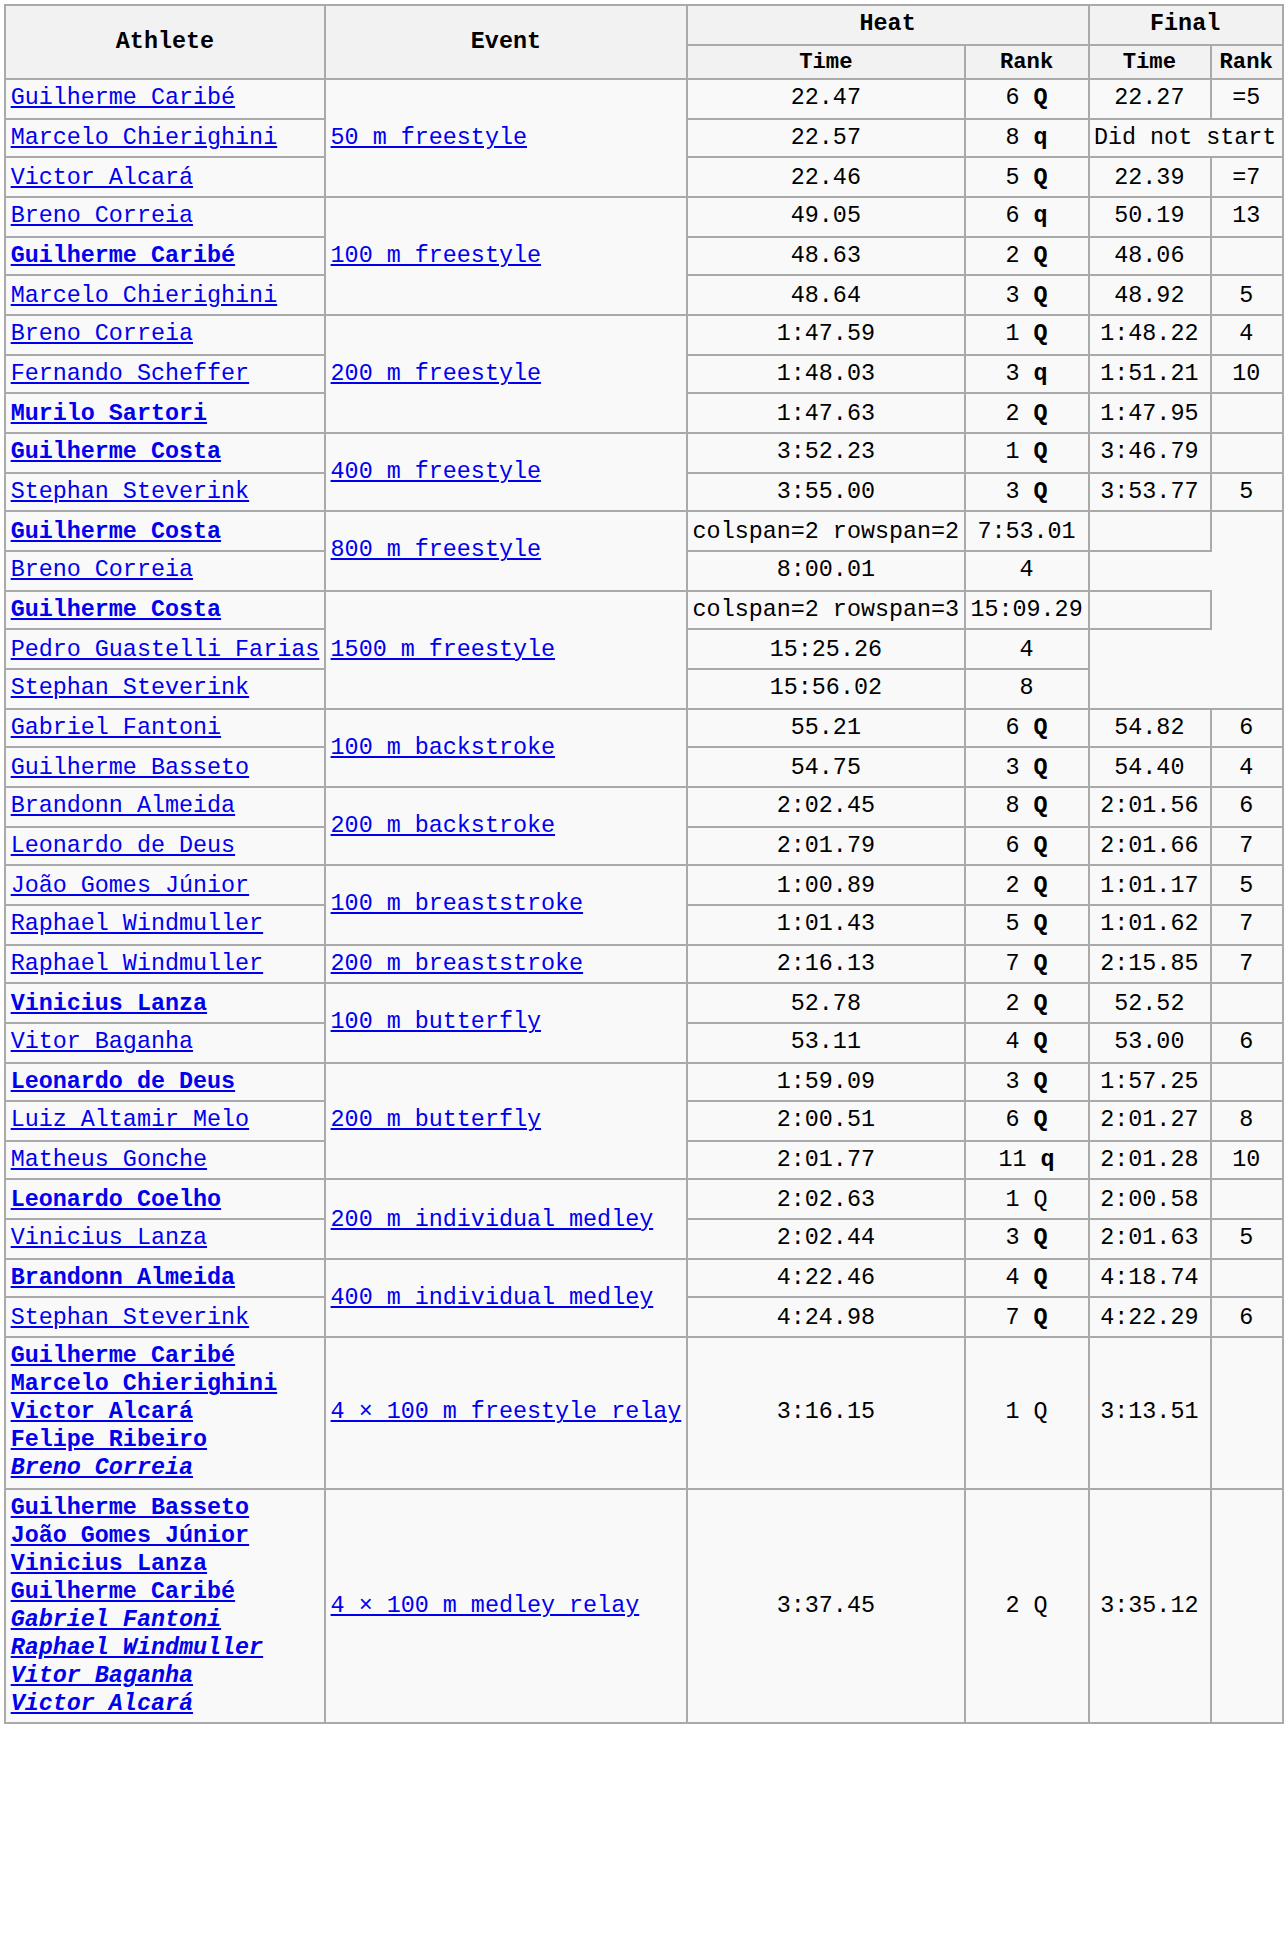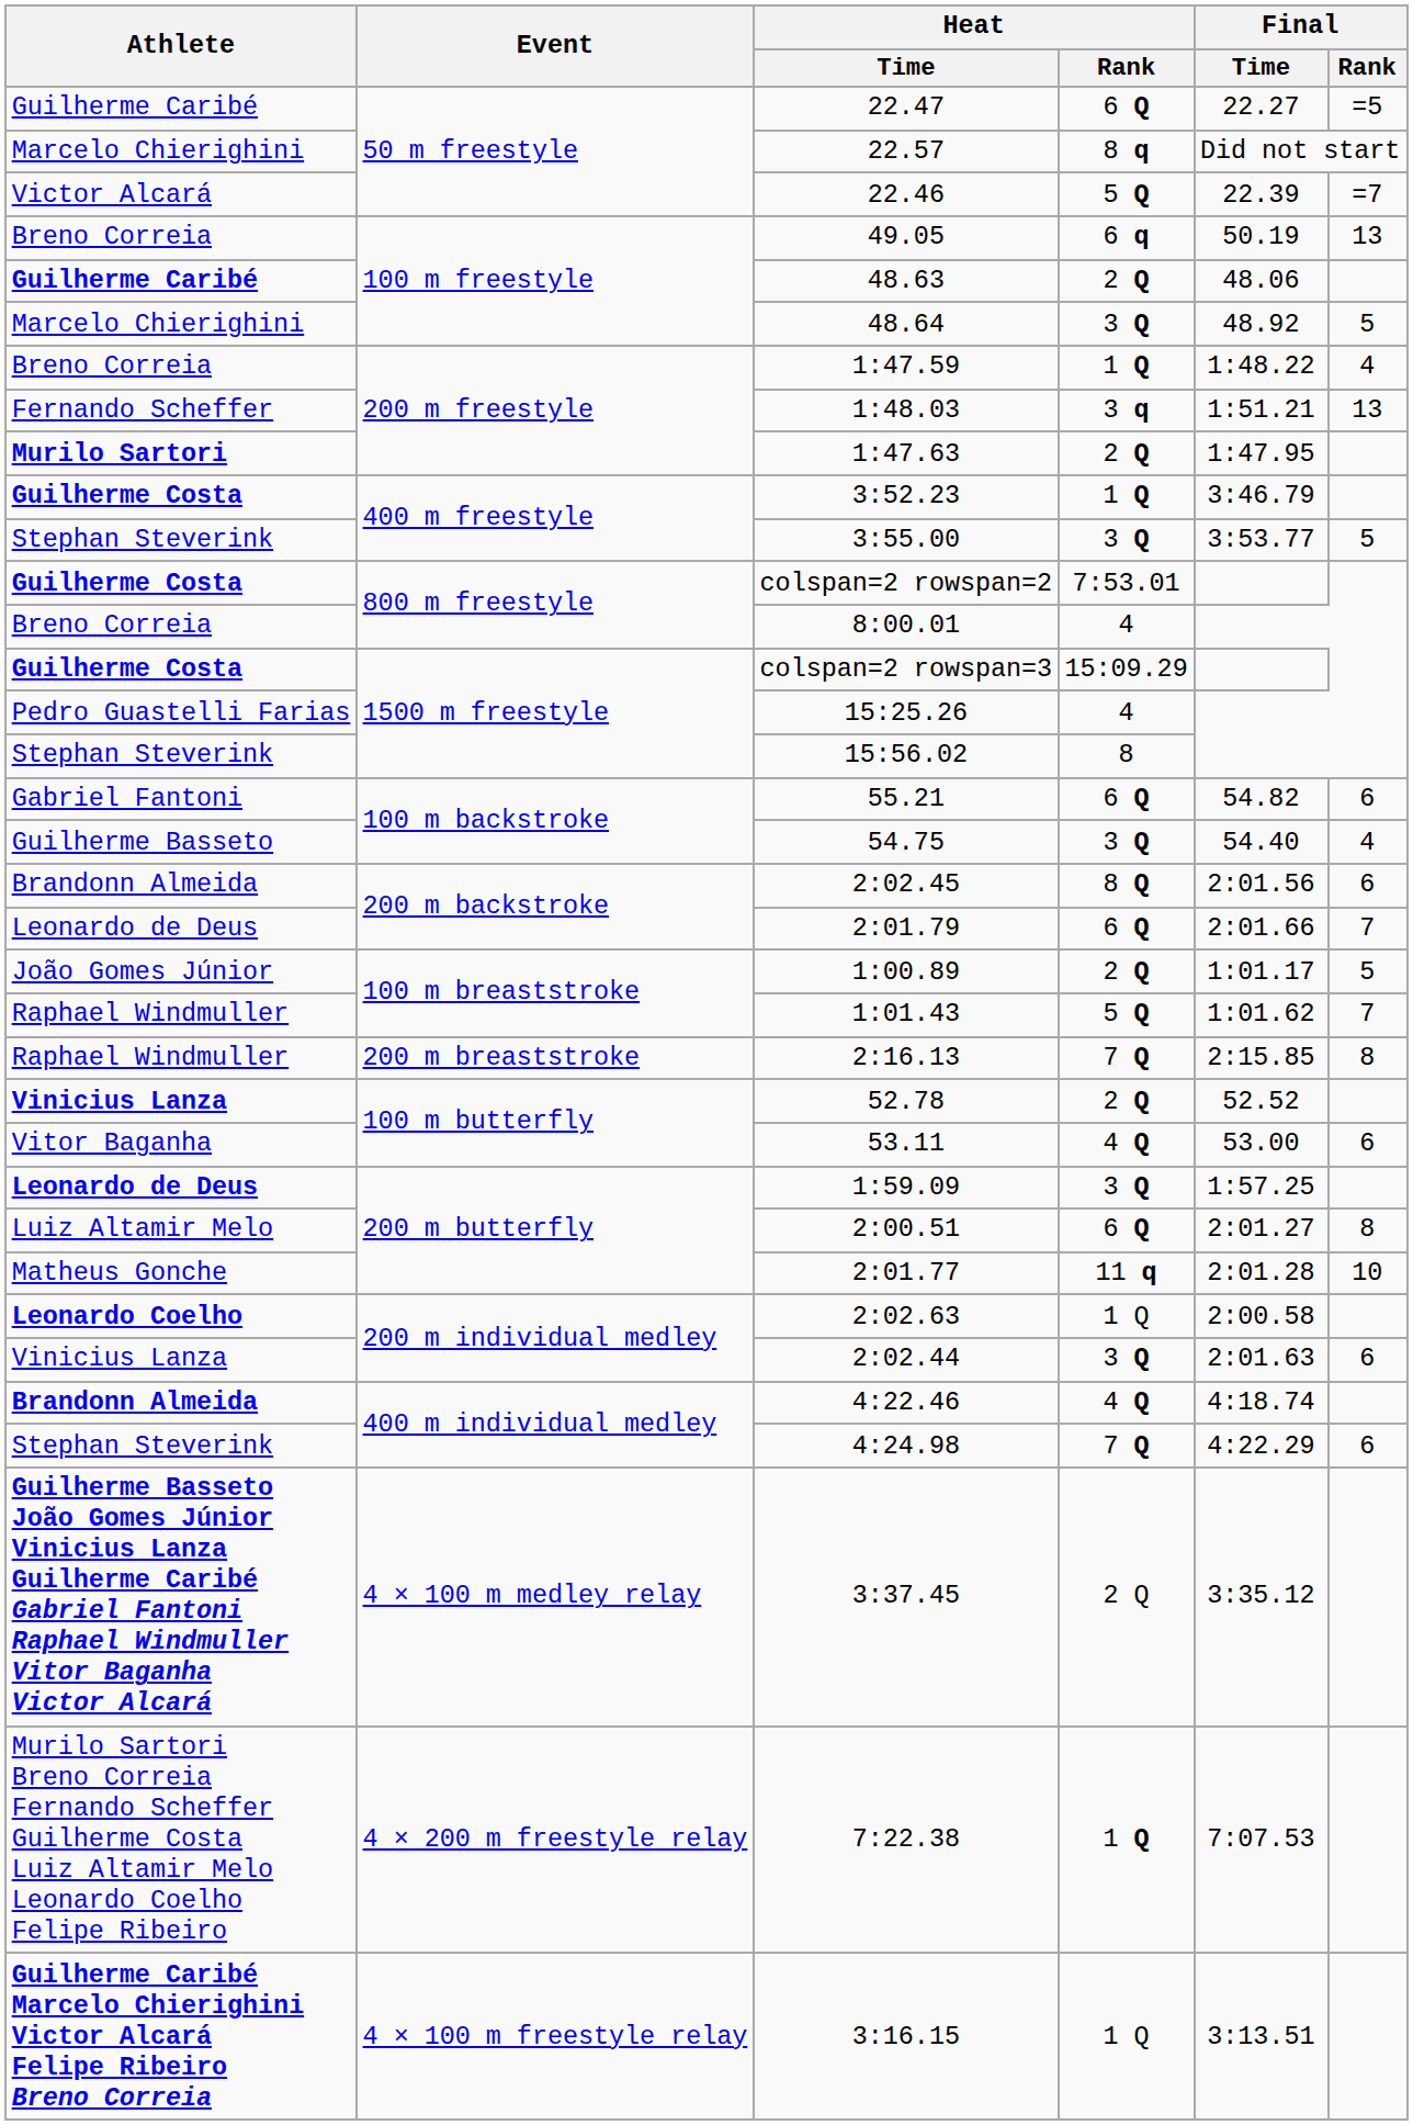 <table class=wikitable style=font-size:90%;text-align:center>
 <tr>
 <th rowspan=2>Athlete</th>
 <th rowspan=2>Event</th>
 <th colspan=2>Heat</th>
 <th colspan=2>Final</th>
 </tr>
 <tr style=font-size:95%>
 <th>Time</th>
 <th>Rank</th>
 <th>Time</th>
 <th>Rank</th>
 </tr>
 <tr>
 <td align=left><a href='#'>Guilherme Caribé</a></td>
 <td align=left rowspan=3><a href='#'>50 m freestyle</a></td>
 <td>22.47</td>
 <td>6 <strong>Q</strong></td>
 <td>22.27</td>
 <td>=5</td>
 </tr>
 <tr>
 <td align=left><a href='#'>Marcelo Chierighini</a></td>
 <td>22.57</td>
 <td>8 <strong>q</strong></td>
 <td colspan=2>Did not start</td>
 </tr>
 <tr>
 <td align=left><a href='#'>Victor Alcará</a></td>
 <td>22.46</td>
 <td>5 <strong>Q</strong></td>
 <td>22.39</td>
 <td>=7</td>
 </tr>
 <tr>
 <td align=left><a href='#'>Breno Correia</a></td>
 <td align=left rowspan=3><a href='#'>100 m freestyle</a></td>
 <td>49.05</td>
 <td>6 <strong>q</strong></td>
 <td>50.19</td>
 <td>13</td>
 </tr>
 <tr>
 <td align=left><strong><a href='#'>Guilherme Caribé</a></strong></td>
 <td>48.63</td>
 <td>2 <strong>Q</strong></td>
 <td>48.06</td>
 <td></td>
 </tr>
 <tr>
 <td align=left><a href='#'>Marcelo Chierighini</a></td>
 <td>48.64</td>
 <td>3 <strong>Q</strong></td>
 <td>48.92</td>
 <td>5</td>
 </tr>
 <tr>
 <td align=left><a href='#'>Breno Correia</a></td>
 <td align=left rowspan=3><a href='#'>200 m freestyle</a></td>
 <td>1:47.59</td>
 <td>1 <strong>Q</strong></td>
 <td>1:48.22</td>
 <td>4</td>
 </tr>
 <tr>
 <td align=left><a href='#'>Fernando Scheffer</a></td>
 <td>1:48.03</td>
 <td>3 <strong>q</strong></td>
 <td>1:51.21</td>
-<td>10</td>
+<td>13</td>
 </tr>
 <tr>
 <td align=left><strong><a href='#'>Murilo Sartori</a></strong></td>
 <td>1:47.63</td>
 <td>2 <strong>Q</strong></td>
 <td>1:47.95</td>
 <td></td>
 </tr>
 <tr>
 <td align=left><strong><a href='#'>Guilherme Costa</a></strong></td>
 <td align=left rowspan=2><a href='#'>400 m freestyle</a></td>
 <td>3:52.23</td>
 <td>1 <strong>Q</strong></td>
 <td>3:46.79</td>
 <td></td>
 </tr>
 <tr>
 <td align=left><a href='#'>Stephan Steverink</a></td>
 <td>3:55.00</td>
 <td>3 <strong>Q</strong></td>
 <td>3:53.77</td>
 <td>5</td>
 </tr>
 <tr>
 <td align=left><strong><a href='#'>Guilherme Costa</a></strong></td>
 <td align=left rowspan=2><a href='#'>800 m freestyle</a></td>
 <td>colspan=2 rowspan=2 </td>
 <td>7:53.01</td>
 <td></td>
 </tr>
 <tr>
 <td align=left><a href='#'>Breno Correia</a></td>
 <td>8:00.01</td>
 <td>4</td>
 </tr>
 <tr>
 <td align=left><strong><a href='#'>Guilherme Costa</a></strong></td>
 <td align=left rowspan=3><a href='#'>1500 m freestyle</a></td>
 <td>colspan=2 rowspan=3 </td>
 <td>15:09.29</td>
 <td></td>
 </tr>
 <tr>
 <td align=left><a href='#'>Pedro Guastelli Farias</a></td>
 <td>15:25.26</td>
 <td>4</td>
 </tr>
 <tr>
 <td align=left><a href='#'>Stephan Steverink</a></td>
 <td>15:56.02</td>
 <td>8</td>
 </tr>
 <tr>
 <td align=left><a href='#'>Gabriel Fantoni</a></td>
 <td align=left rowspan=2><a href='#'>100 m backstroke</a></td>
 <td>55.21</td>
 <td>6 <strong>Q</strong></td>
 <td>54.82</td>
 <td>6</td>
 </tr>
 <tr>
 <td align=left><a href='#'>Guilherme Basseto</a></td>
 <td>54.75</td>
 <td>3 <strong>Q</strong></td>
 <td>54.40</td>
 <td>4</td>
 </tr>
 <tr>
 <td align=left><a href='#'>Brandonn Almeida</a></td>
 <td align=left rowspan=2><a href='#'>200 m backstroke</a></td>
 <td>2:02.45</td>
 <td>8 <strong>Q</strong></td>
 <td>2:01.56</td>
 <td>6</td>
 </tr>
 <tr>
 <td align=left><a href='#'>Leonardo de Deus</a></td>
 <td>2:01.79</td>
 <td>6 <strong>Q</strong></td>
 <td>2:01.66</td>
 <td>7</td>
 </tr>
 <tr>
 <td align=left><a href='#'>João Gomes Júnior</a></td>
 <td align=left rowspan=2><a href='#'>100 m breaststroke</a></td>
 <td>1:00.89</td>
 <td>2 <strong>Q</strong></td>
 <td>1:01.17</td>
 <td>5</td>
 </tr>
 <tr>
 <td align=left><a href='#'>Raphael Windmuller</a></td>
 <td>1:01.43</td>
 <td>5 <strong>Q</strong></td>
 <td>1:01.62</td>
 <td>7</td>
 </tr>
 <tr>
 <td align=left><a href='#'>Raphael Windmuller</a></td>
 <td align=left rowspan=1><a href='#'>200 m breaststroke</a></td>
 <td>2:16.13</td>
 <td>7 <strong>Q</strong></td>
 <td>2:15.85</td>
-<td>7</td>
+<td>8</td>
 </tr>
 <tr>
 <td align=left><strong><a href='#'>Vinicius Lanza</a></strong></td>
 <td align=left rowspan=2><a href='#'>100 m butterfly</a></td>
 <td>52.78</td>
 <td>2 <strong>Q</strong></td>
 <td>52.52</td>
 <td></td>
 </tr>
 <tr>
 <td align=left><a href='#'>Vitor Baganha</a></td>
 <td>53.11</td>
 <td>4 <strong>Q</strong></td>
 <td>53.00</td>
 <td>6</td>
 </tr>
 <tr>
 <td align=left><strong><a href='#'>Leonardo de Deus</a></strong></td>
 <td align=left rowspan=3><a href='#'>200 m butterfly</a></td>
 <td>1:59.09</td>
 <td>3 <strong>Q</strong></td>
 <td>1:57.25</td>
 <td></td>
 </tr>
 <tr>
 <td align=left><a href='#'>Luiz Altamir Melo</a></td>
 <td>2:00.51</td>
 <td>6 <strong>Q</strong></td>
 <td>2:01.27</td>
 <td>8</td>
 </tr>
 <tr>
 <td align=left><a href='#'>Matheus Gonche</a></td>
 <td>2:01.77</td>
 <td>11 <strong>q</strong></td>
 <td>2:01.28</td>
 <td>10</td>
 </tr>
 <tr>
 <td align=left><strong><a href='#'>Leonardo Coelho</a></strong></td>
 <td align=left rowspan=2><a href='#'>200 m individual medley</a></td>
 <td>2:02.63</td>
 <td>1 </strong>Q<strong></td>
 <td>2:00.58</td>
 <td></td>
 </tr>
 <tr>
 <td align=left><a href='#'>Vinicius Lanza</a></td>
 <td>2:02.44</td>
 <td>3 <strong>Q</strong></td>
 <td>2:01.63</td>
-<td>5</td>
+<td>6</td>
 </tr>
 <tr>
 <td align=left><strong><a href='#'>Brandonn Almeida</a></strong></td>
 <td align=left rowspan=2><a href='#'>400 m individual medley</a></td>
 <td>4:22.46</td>
 <td>4 <strong>Q</strong></td>
 <td>4:18.74</td>
 <td></td>
 </tr>
 <tr>
 <td align=left><a href='#'>Stephan Steverink</a></td>
 <td>4:24.98</td>
 <td>7 <strong>Q</strong></td>
 <td>4:22.29</td>
 <td>6</td>
 </tr>
 <tr>
+<td align=left><strong><a href='#'>Guilherme Basseto</a><br><a href='#'>João Gomes Júnior</a><br><a href='#'>Vinicius Lanza</a><br><a href='#'>Guilherme Caribé</a><br><em><a href='#'>Gabriel Fantoni</a></em><br><em><a href='#'>Raphael Windmuller</a></em><br><em><a href='#'>Vitor Baganha</a></em><br><em><a href='#'>Victor Alcará</a><strong><em></td>
+<td align=left><a href='#'>4 × 100 m medley relay</a></td>
+<td>3:37.45</td>
+<td>2 </strong>Q<strong></td>
+<td>3:35.12</td>
+<td></td>
+</tr>
+<tr>
+<td align=left></strong><a href='#'>Murilo Sartori</a><br><a href='#'>Breno Correia</a><br><a href='#'>Fernando Scheffer</a><br><a href='#'>Guilherme Costa</a><br></em><a href='#'>Luiz Altamir Melo</a><em><br></em><a href='#'>Leonardo Coelho</a><em><br></em><a href='#'>Felipe Ribeiro</a></em></strong></td>
+<td align=left><a href='#'>4 × 200 m freestyle relay</a></td>
+<td>7:22.38</td>
+<td>1 <strong>Q</strong></td>
+<td>7:07.53</td>
+<td></td>
+</tr>
+<tr>
 <td align=left><strong><a href='#'>Guilherme Caribé</a><br><a href='#'>Marcelo Chierighini</a><br><a href='#'>Victor Alcará</a><br><a href='#'>Felipe Ribeiro</a><br><em><a href='#'>Breno Correia</a><strong><em></td>
 <td align=left><a href='#'>4 × 100 m freestyle relay</a></td>
 <td>3:16.15</td>
 <td>1 </strong>Q<strong></td>
 <td>3:13.51</td>
 <td></td>
 </tr>
-<tr>
-<td align=left><strong><a href='#'>Guilherme Basseto</a><br><a href='#'>João Gomes Júnior</a><br><a href='#'>Vinicius Lanza</a><br><a href='#'>Guilherme Caribé</a><br><em><a href='#'>Gabriel Fantoni</a></em><br><em><a href='#'>Raphael Windmuller</a></em><br><em><a href='#'>Vitor Baganha</a></em><br><em><a href='#'>Victor Alcará</a><strong><em></td>
-<td align=left><a href='#'>4 × 100 m medley relay</a></td>
-<td>3:37.45</td>
-<td>2 </strong>Q<strong></td>
-<td>3:35.12</td>
-<td></td>
-</tr>
 </table>
